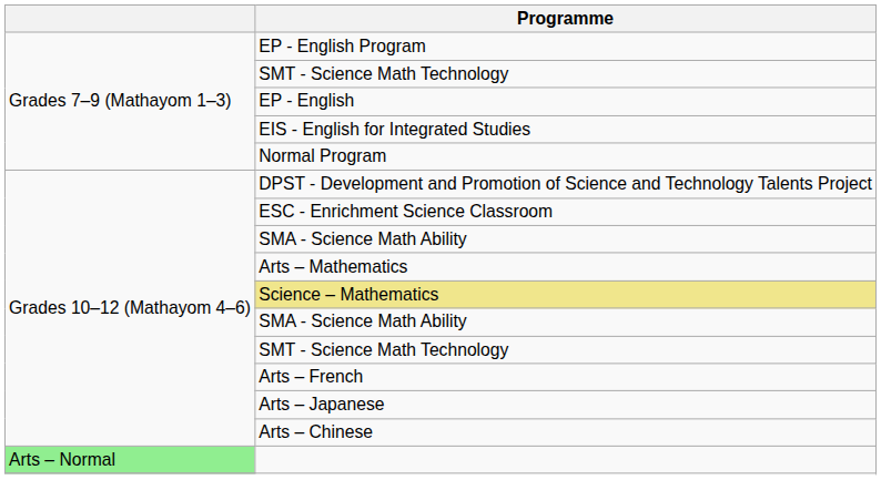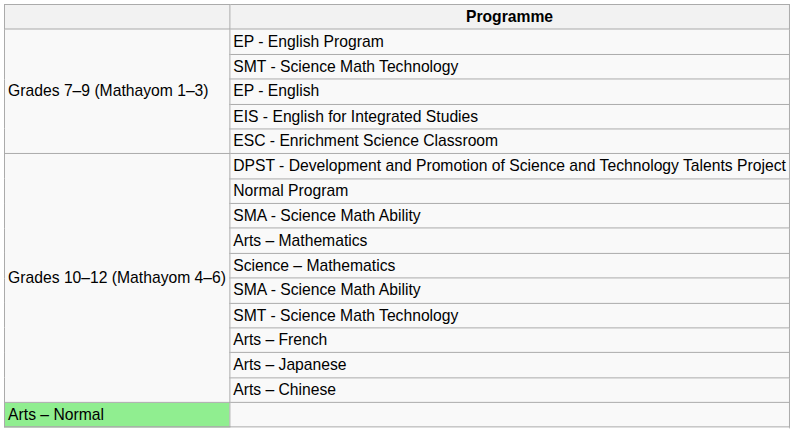 <table class="wikitable">
 <tr>
 <th></th>
 <th>Programme</th>
 </tr>
 <tr>
 <td rowspan="5">Grades 7–9 (Mathayom 1–3)</td>
 <td>EP - English Program</td>
 </tr>
 <tr>
 <td>SMT - Science Math Technology</td>
 </tr>
 <tr>
 <td>EP - English</td>
 </tr>
 <tr>
 <td>EIS - English for Integrated Studies</td>
 </tr>
 <tr>
-<td>Normal Program</td>
+<td>ESC - Enrichment Science Classroom</td>
 </tr>
 <tr>
 <td rowspan="10">Grades 10–12 (Mathayom 4–6)</td>
 <td>DPST - Development and Promotion of Science and Technology Talents Project</td>
 </tr>
 <tr>
-<td>ESC - Enrichment Science Classroom</td>
+<td>Normal Program</td>
 </tr>
 <tr>
 <td>SMA - Science Math Ability</td>
 </tr>
 <tr>
 <td>Arts – Mathematics</td>
 </tr>
 <tr>
-<td style="background: khaki;">Science – Mathematics</td>
+<td>Science – Mathematics</td>
 </tr>
 <tr>
 <td>SMA - Science Math Ability</td>
 </tr>
 <tr>
 <td>SMT - Science Math Technology</td>
 </tr>
 <tr>
 <td>Arts – French</td>
 </tr>
 <tr>
 <td>Arts – Japanese</td>
 </tr>
 <tr>
 <td>Arts – Chinese</td>
 </tr>
 <tr>
 <td style="background: lightgreen;">Arts – Normal</td>
 </tr>
 <tr>
 </tr>
 </table>
